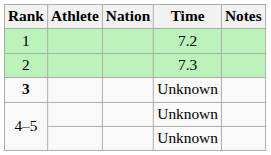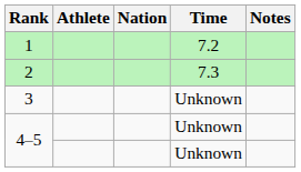 <table class="wikitable sortable" style="text-align:center">
 <tr>
 <th>Rank</th>
 <th>Athlete</th>
 <th>Nation</th>
 <th>Time</th>
 <th>Notes</th>
 </tr>
 <tr style="background:#bbf3bb;">
 <td>1</td>
 <td align=left></td>
 <td align=left></td>
 <td>7.2</td>
 <td></td>
 </tr>
 <tr style="background:#bbf3bb;">
 <td>2</td>
 <td align=left></td>
 <td align=left></td>
 <td>7.3</td>
 <td></td>
 </tr>
 <tr>
-<td><strong>3</strong></td>
+<td>3</td>
 <td align=left></td>
 <td align=left></td>
 <td>Unknown</td>
 <td></td>
 </tr>
 <tr>
 <td rowspan=2>4–5</td>
 <td align=left></td>
 <td align=left></td>
 <td>Unknown</td>
 <td></td>
 </tr>
 <tr>
 <td align=left></td>
 <td align=left></td>
 <td>Unknown</td>
 <td></td>
 </tr>
 </table>
